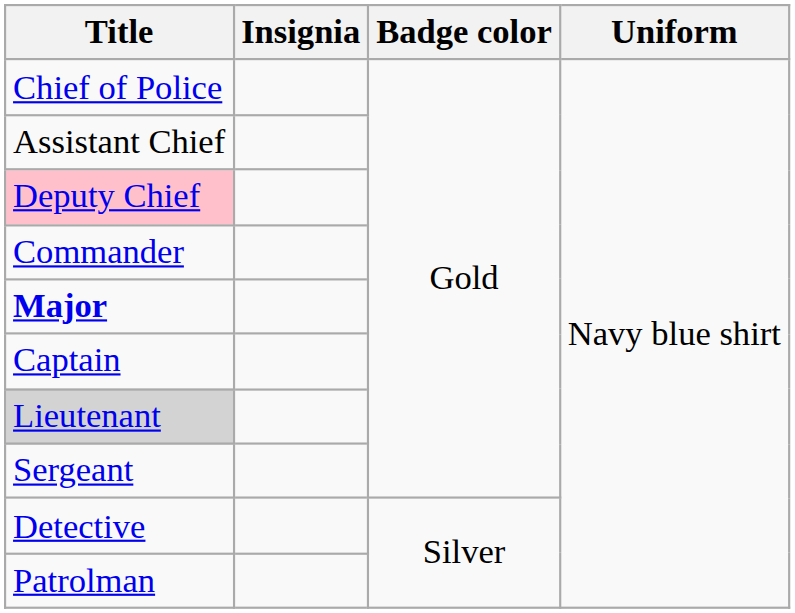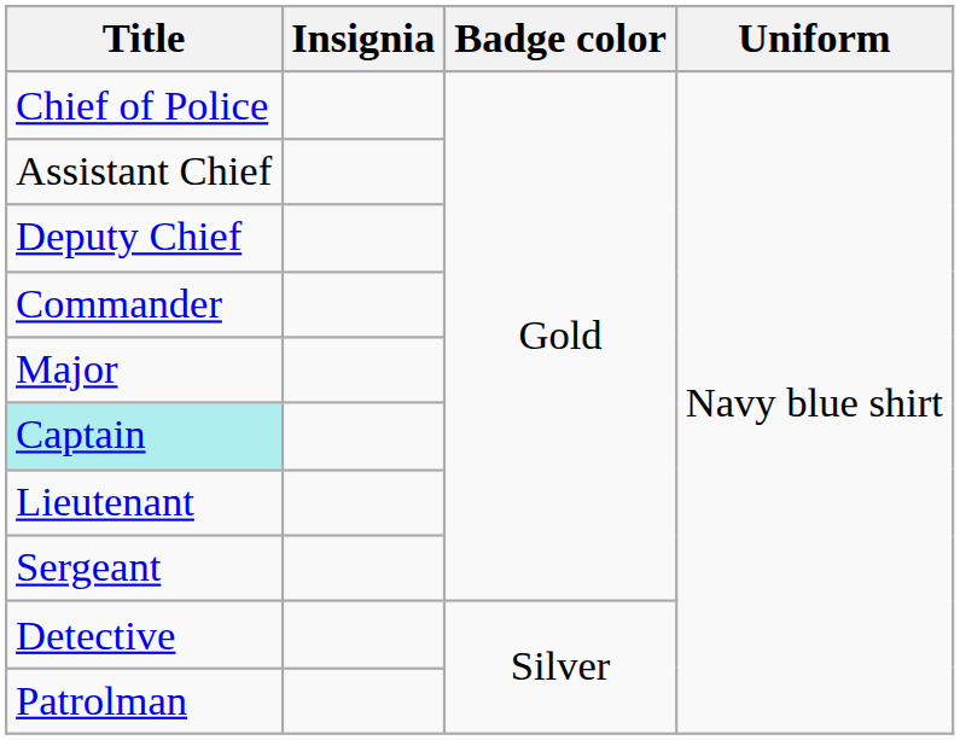 <table class="wikitable">
 <tr>
 <th>Title</th>
 <th>Insignia</th>
 <th>Badge color</th>
 <th>Uniform</th>
 </tr>
 <tr>
 <td><a href='#'>Chief of Police</a></td>
 <td></td>
 <td rowspan="8" style="text-align:center;">Gold</td>
 <td rowspan="10" style="text-align:center;">Navy blue shirt</td>
 </tr>
 <tr>
 <td>Assistant Chief</td>
 <td></td>
 </tr>
 <tr>
-<td style="background: pink;"><a href='#'>Deputy Chief</a></td>
+<td><a href='#'>Deputy Chief</a></td>
 <td></td>
 </tr>
 <tr>
 <td><a href='#'>Commander</a></td>
 <td></td>
 </tr>
 <tr>
-<td><strong><a href='#'>Major</a></strong></td>
+<td><a href='#'>Major</a></td>
 <td></td>
 </tr>
 <tr>
-<td><a href='#'>Captain</a></td>
+<td style="background: paleturquoise;"><a href='#'>Captain</a></td>
 <td></td>
 </tr>
 <tr>
-<td style="background: lightgrey;"><a href='#'>Lieutenant</a></td>
+<td><a href='#'>Lieutenant</a></td>
 <td></td>
 </tr>
 <tr>
 <td><a href='#'>Sergeant</a></td>
 <td></td>
 </tr>
 <tr>
 <td><a href='#'>Detective</a></td>
 <td></td>
 <td rowspan="2" style="text-align:center;">Silver</td>
 </tr>
 <tr>
 <td><a href='#'>Patrolman</a></td>
 <td></td>
 </tr>
 </table>
